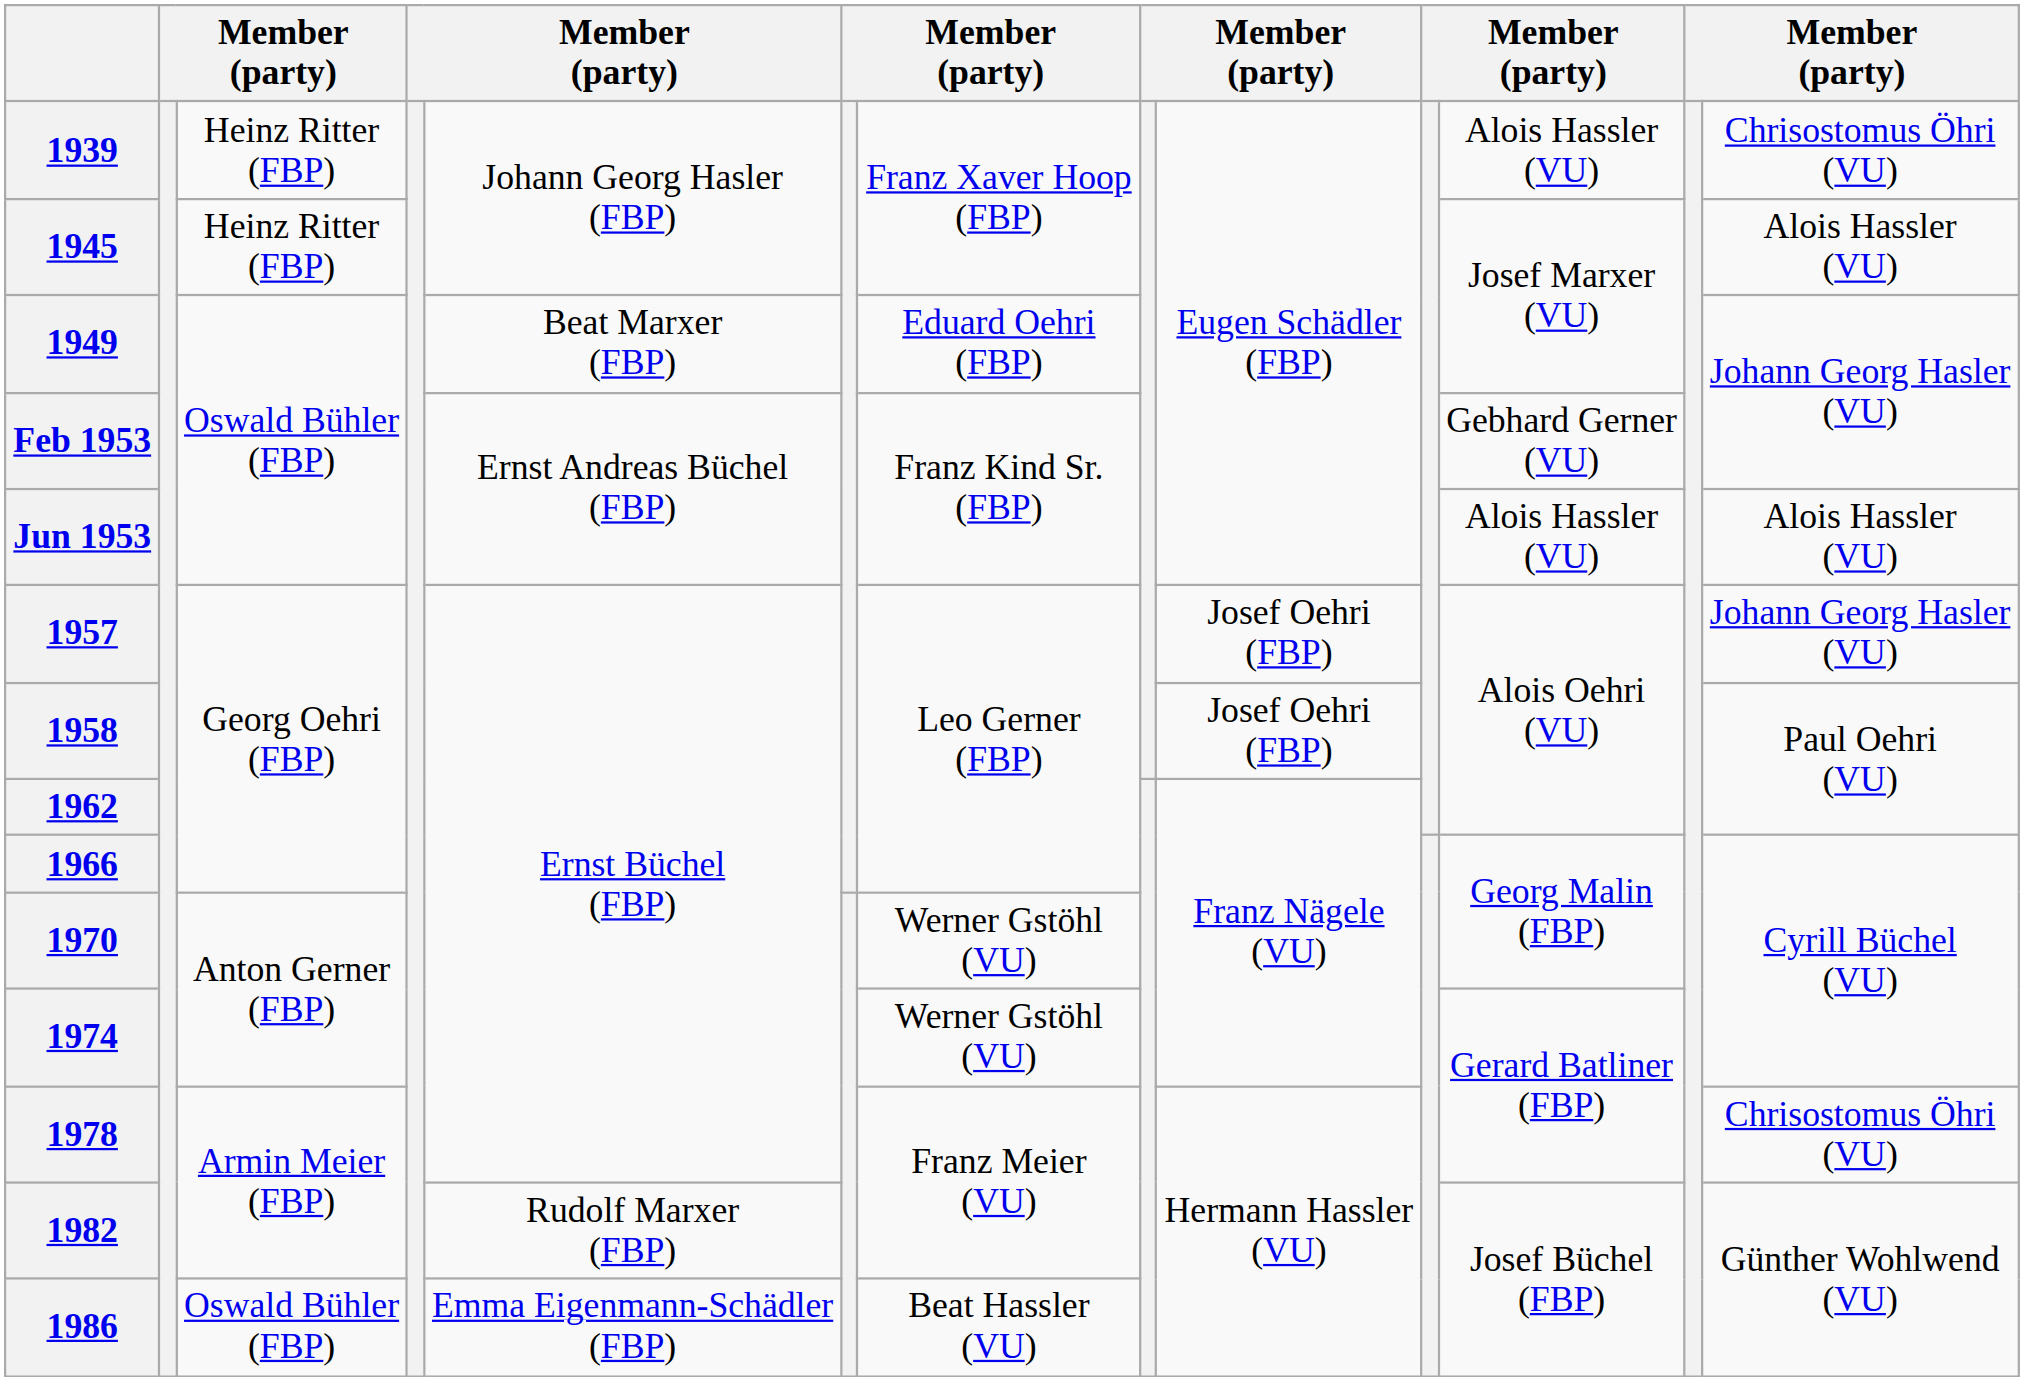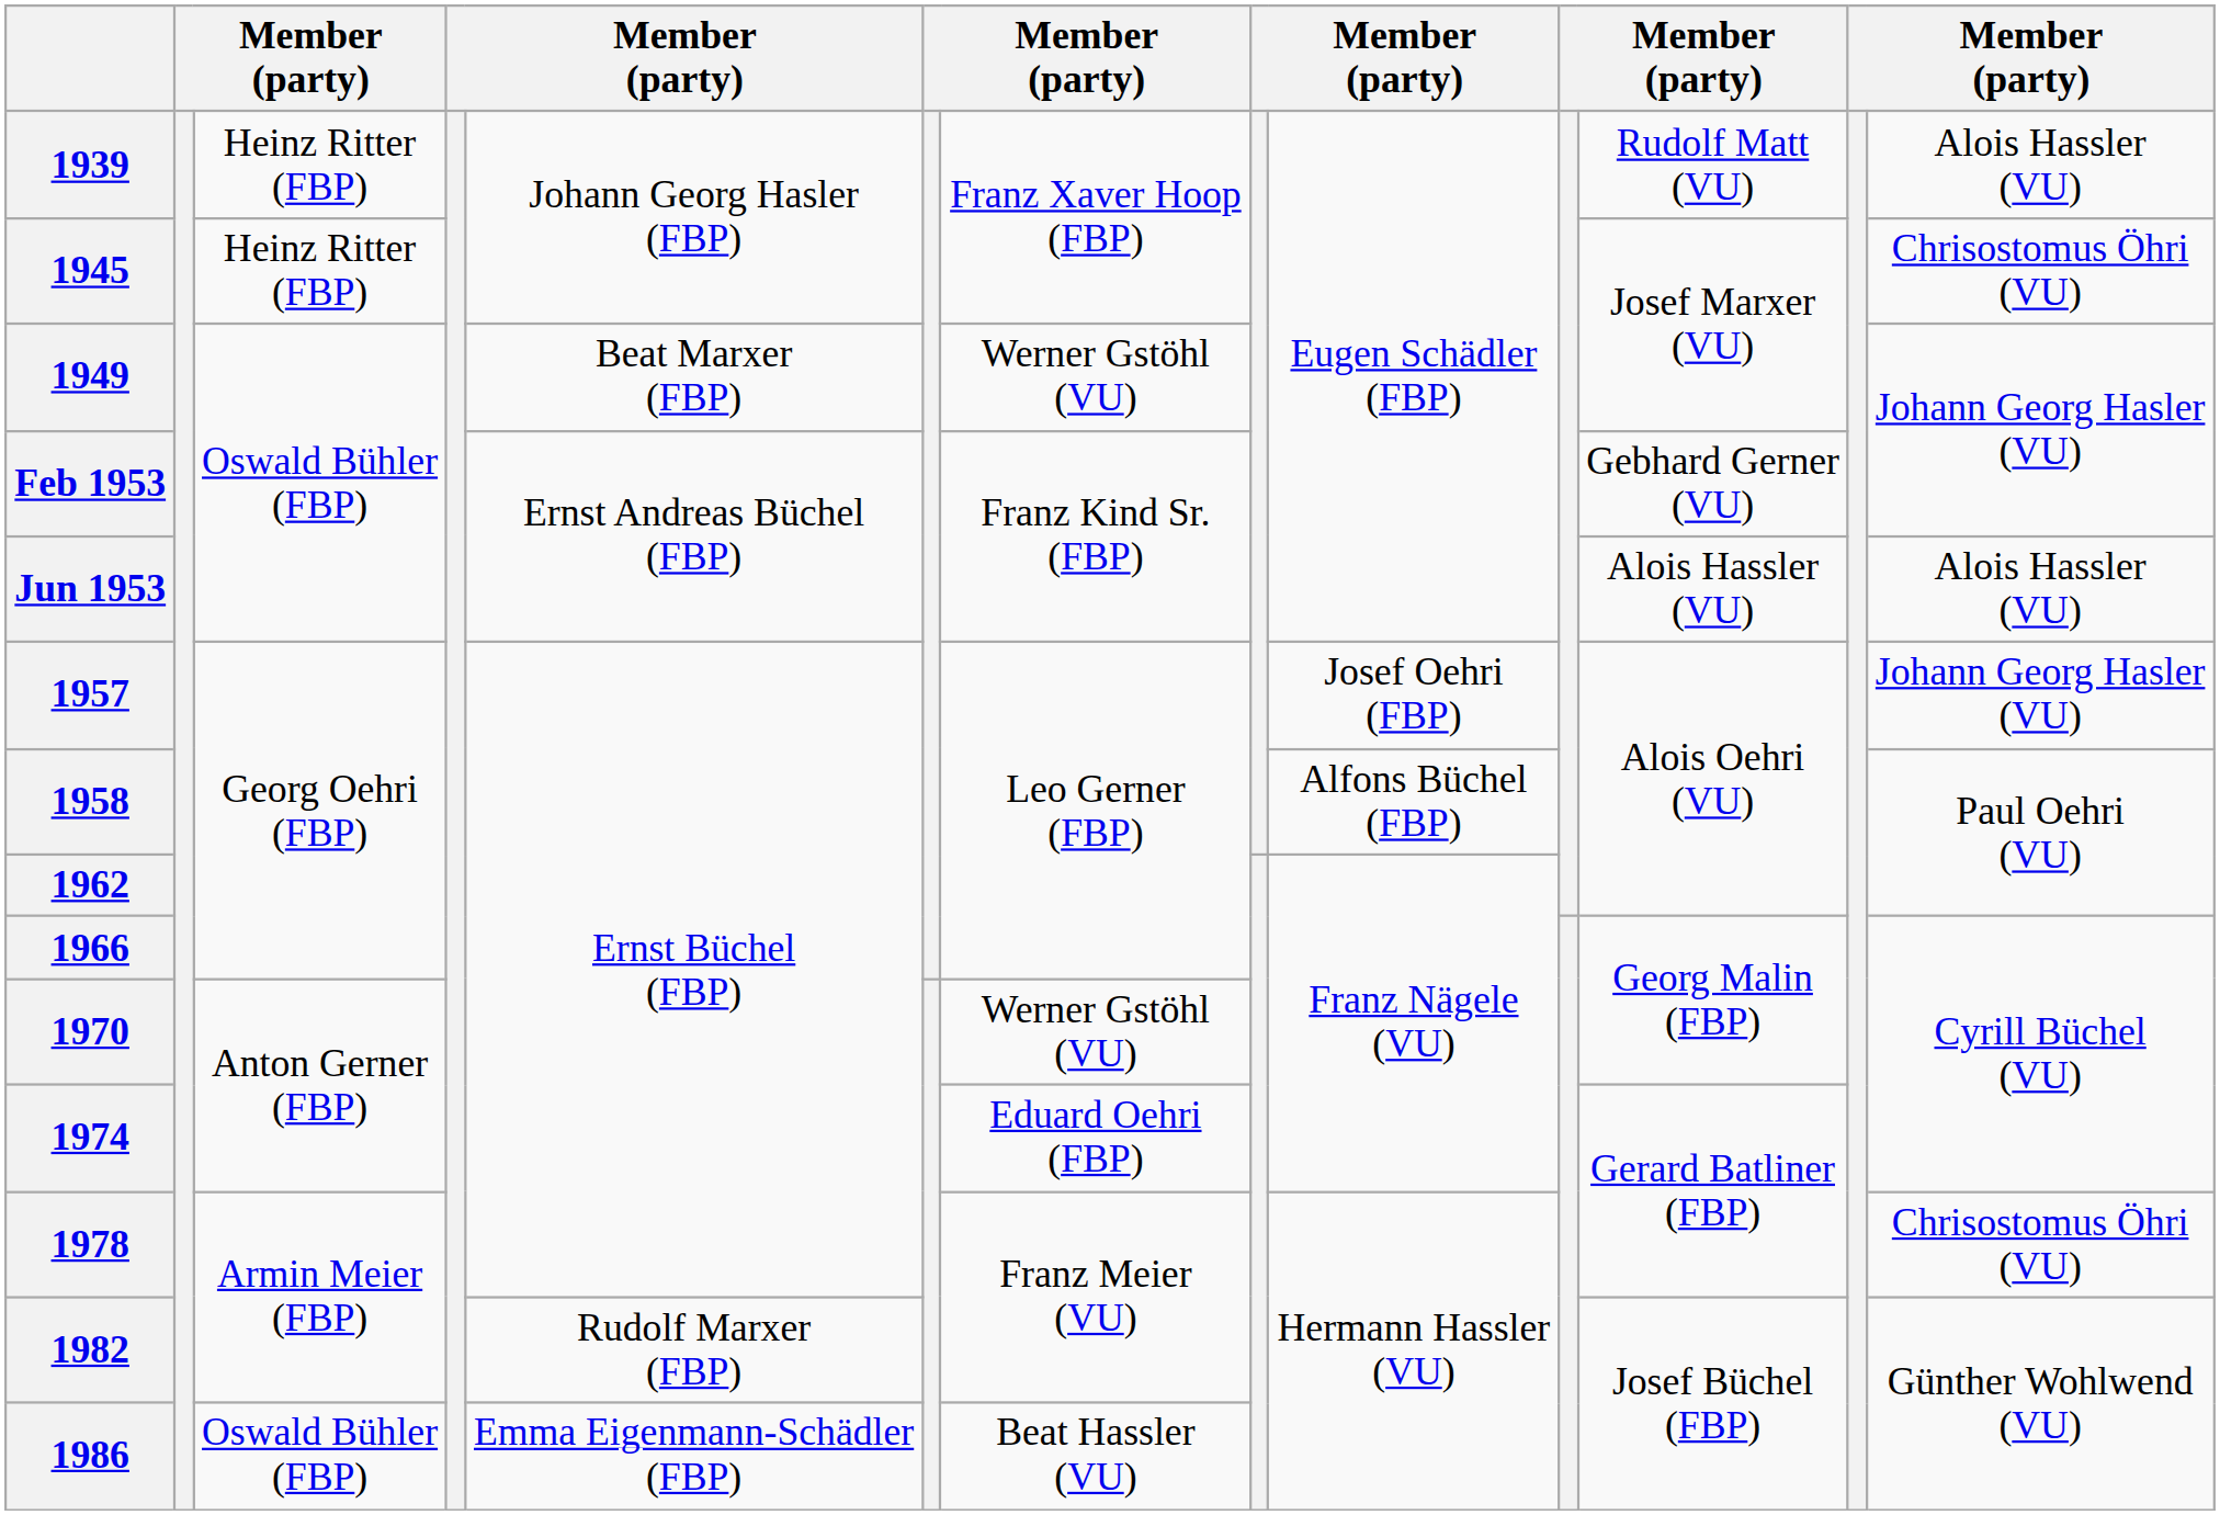 <table class="wikitable" style="text-align:center">
 <tr>
 <th></th>
 <th colspan=2>Member<br>(party)</th>
 <th colspan=2>Member<br>(party)</th>
 <th colspan=2>Member<br>(party)</th>
 <th colspan=2>Member<br>(party)</th>
 <th colspan=2>Member<br>(party)</th>
 <th colspan=2>Member<br>(party)</th>
 </tr>
 <tr>
 <th><a href='#'>1939</a></th>
 <th rowspan=14 style="background-color: "></th>
 <td rowspan=1>Heinz Ritter<br>(<a href='#'>FBP</a>)</td>
 <th rowspan=14 style="background-color: "></th>
 <td rowspan=2>Johann Georg Hasler<br>(<a href='#'>FBP</a>)</td>
 <th rowspan=9 style="background-color: "></th>
 <td rowspan=2><a href='#'>Franz Xaver Hoop</a><br>(<a href='#'>FBP</a>)</td>
 <th rowspan=7 style="background-color: "></th>
 <td rowspan=5><a href='#'>Eugen Schädler</a><br>(<a href='#'>FBP</a>)</td>
 <th rowspan=8 style="background-color: "></th>
+<td rowspan=1><a href='#'>Rudolf Matt</a><br>(<a href='#'>VU</a>)</td>
+<th rowspan=14 style="background-color: "></th>
 <td rowspan=1>Alois Hassler<br>(<a href='#'>VU</a>)</td>
-<th rowspan=14 style="background-color: "></th>
-<td rowspan=1><a href='#'>Chrisostomus Öhri</a><br>(<a href='#'>VU</a>)</td>
 </tr>
 <tr>
 <th><a href='#'>1945</a></th>
 <td rowspan=1>Heinz Ritter<br>(<a href='#'>FBP</a>)</td>
 <td rowspan=2>Josef Marxer<br>(<a href='#'>VU</a>)</td>
-<td rowspan=1>Alois Hassler<br>(<a href='#'>VU</a>)</td>
+<td rowspan=1><a href='#'>Chrisostomus Öhri</a><br>(<a href='#'>VU</a>)</td>
 </tr>
 <tr>
 <th><a href='#'>1949</a></th>
 <td rowspan=3><a href='#'>Oswald Bühler</a><br>(<a href='#'>FBP</a>)</td>
 <td rowspan=1>Beat Marxer<br>(<a href='#'>FBP</a>)</td>
-<td rowspan=1><a href='#'>Eduard Oehri</a><br>(<a href='#'>FBP</a>)</td>
+<td rowspan=1>Werner Gstöhl<br>(<a href='#'>VU</a>)</td>
 <td rowspan=2><a href='#'>Johann Georg Hasler</a><br>(<a href='#'>VU</a>)</td>
 </tr>
 <tr>
 <th><a href='#'>Feb 1953</a></th>
 <td rowspan=2>Ernst Andreas Büchel<br>(<a href='#'>FBP</a>)</td>
 <td rowspan=2>Franz Kind Sr.<br>(<a href='#'>FBP</a>)</td>
 <td rowspan=1>Gebhard Gerner<br>(<a href='#'>VU</a>)</td>
 </tr>
 <tr>
 <th><a href='#'>Jun 1953</a></th>
 <td rowspan=1>Alois Hassler<br>(<a href='#'>VU</a>)</td>
 <td rowspan=1>Alois Hassler<br>(<a href='#'>VU</a>)</td>
 </tr>
 <tr>
 <th><a href='#'>1957</a></th>
 <td rowspan=4>Georg Oehri<br>(<a href='#'>FBP</a>)</td>
 <td rowspan=7><a href='#'>Ernst Büchel</a><br>(<a href='#'>FBP</a>)</td>
 <td rowspan=4>Leo Gerner<br>(<a href='#'>FBP</a>)</td>
 <td rowspan=1>Josef Oehri<br>(<a href='#'>FBP</a>)</td>
 <td rowspan=3>Alois Oehri<br>(<a href='#'>VU</a>)</td>
 <td rowspan=1><a href='#'>Johann Georg Hasler</a><br>(<a href='#'>VU</a>)</td>
 </tr>
 <tr>
 <th><a href='#'>1958</a></th>
-<td rowspan=1>Josef Oehri<br>(<a href='#'>FBP</a>)</td>
+<td rowspan=1>Alfons Büchel<br>(<a href='#'>FBP</a>)</td>
 <td rowspan=2>Paul Oehri<br>(<a href='#'>VU</a>)</td>
 </tr>
 <tr>
 <th><a href='#'>1962</a></th>
 <th rowspan=7 style="background-color: "></th>
 <td rowspan=4><a href='#'>Franz Nägele</a><br>(<a href='#'>VU</a>)</td>
 </tr>
 <tr>
 <th><a href='#'>1966</a></th>
 <th rowspan=6 style="background-color: "></th>
 <td rowspan=2><a href='#'>Georg Malin</a><br>(<a href='#'>FBP</a>)</td>
 <td rowspan=3><a href='#'>Cyrill Büchel</a><br>(<a href='#'>VU</a>)</td>
 </tr>
 <tr>
 <th><a href='#'>1970</a></th>
 <td rowspan=2>Anton Gerner<br>(<a href='#'>FBP</a>)</td>
 <th rowspan=5 style="background-color: "></th>
 <td rowspan=1>Werner Gstöhl<br>(<a href='#'>VU</a>)</td>
 </tr>
 <tr>
 <th><a href='#'>1974</a></th>
-<td rowspan=1>Werner Gstöhl<br>(<a href='#'>VU</a>)</td>
+<td rowspan=1><a href='#'>Eduard Oehri</a><br>(<a href='#'>FBP</a>)</td>
 <td rowspan=2><a href='#'>Gerard Batliner</a><br>(<a href='#'>FBP</a>)</td>
 </tr>
 <tr>
 <th><a href='#'>1978</a></th>
 <td rowspan=2><a href='#'>Armin Meier</a><br>(<a href='#'>FBP</a>)</td>
 <td rowspan=2>Franz Meier<br>(<a href='#'>VU</a>)</td>
 <td rowspan=3>Hermann Hassler<br>(<a href='#'>VU</a>)</td>
 <td rowspan=1><a href='#'>Chrisostomus Öhri</a><br>(<a href='#'>VU</a>)</td>
 </tr>
 <tr>
 <th><a href='#'>1982</a></th>
 <td rowspan=1>Rudolf Marxer<br>(<a href='#'>FBP</a>)</td>
 <td rowspan=2>Josef Büchel<br>(<a href='#'>FBP</a>)</td>
 <td rowspan=2>Günther Wohlwend<br>(<a href='#'>VU</a>)</td>
 </tr>
 <tr>
 <th><a href='#'>1986</a></th>
 <td rowspan=1><a href='#'>Oswald Bühler</a><br>(<a href='#'>FBP</a>)</td>
 <td rowspan=1><a href='#'>Emma Eigenmann-Schädler</a><br>(<a href='#'>FBP</a>)</td>
 <td rowspan=1>Beat Hassler<br>(<a href='#'>VU</a>)</td>
 </tr>
 </table>
